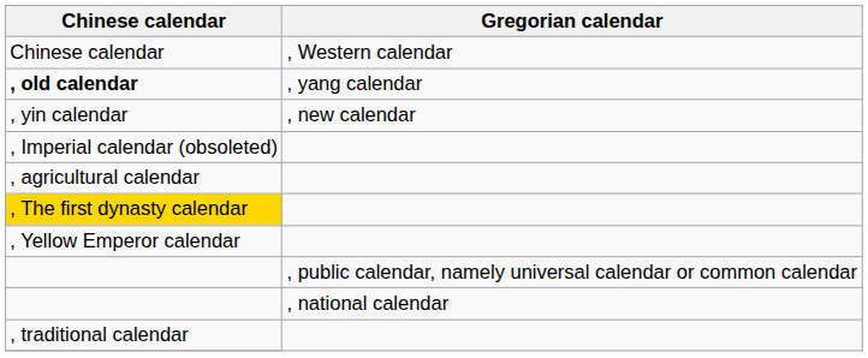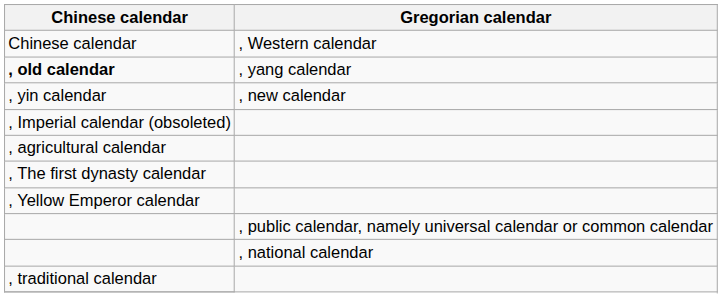 <table class="wikitable">
 <tr>
 <th>Chinese calendar</th>
 <th>Gregorian calendar</th>
 </tr>
 <tr>
 <td> Chinese calendar</td>
 <td>, Western calendar</td>
 </tr>
 <tr>
 <td><strong>, old calendar</strong></td>
 <td>, yang calendar</td>
 </tr>
 <tr>
 <td>, yin calendar</td>
 <td>, new calendar</td>
 </tr>
 <tr>
 <td>, Imperial calendar (obsoleted)</td>
 <td></td>
 </tr>
 <tr>
 <td>, agricultural calendar</td>
 <td></td>
 </tr>
 <tr>
-<td style="background: gold;">, The first dynasty calendar</td>
+<td>, The first dynasty calendar</td>
 <td></td>
 </tr>
 <tr>
 <td>, Yellow Emperor calendar</td>
 <td></td>
 </tr>
 <tr>
 <td></td>
 <td>, public calendar, namely universal calendar or common calendar</td>
 </tr>
 <tr>
 <td></td>
 <td>, national calendar</td>
 </tr>
 <tr>
 <td>, traditional calendar</td>
 </tr>
 <tr>
 </tr>
 </table>
